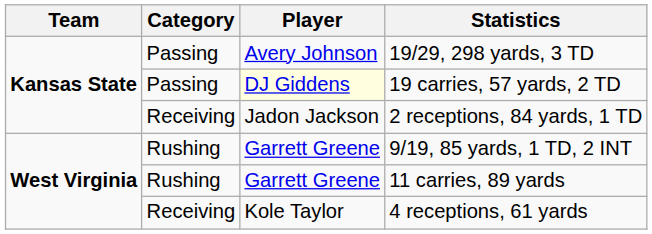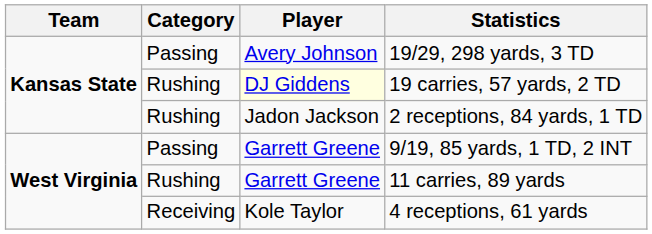 <table class="wikitable" style="float: right;">
 <tr>
 <th>Team</th>
 <th>Category</th>
 <th>Player</th>
 <th>Statistics</th>
 </tr>
 <tr>
 <td rowspan=3><strong>Kansas State</strong></td>
 <td>Passing</td>
 <td><a href='#'>Avery Johnson</a></td>
 <td>19/29, 298 yards, 3 TD</td>
 </tr>
 <tr>
-<td>Passing</td>
+<td>Rushing</td>
 <td style="background: lightyellow;"><a href='#'>DJ Giddens</a></td>
 <td>19 carries, 57 yards, 2 TD</td>
 </tr>
 <tr>
-<td>Receiving</td>
+<td>Rushing</td>
 <td>Jadon Jackson</td>
 <td>2 receptions, 84 yards, 1 TD</td>
 </tr>
 <tr>
 <td rowspan=3><strong>West Virginia</strong></td>
-<td>Rushing</td>
+<td>Passing</td>
 <td><a href='#'>Garrett Greene</a></td>
 <td>9/19, 85 yards, 1 TD, 2 INT</td>
 </tr>
 <tr>
 <td>Rushing</td>
 <td><a href='#'>Garrett Greene</a></td>
 <td>11 carries, 89 yards</td>
 </tr>
 <tr>
 <td>Receiving</td>
 <td>Kole Taylor</td>
 <td>4 receptions, 61 yards</td>
 </tr>
 </table>
